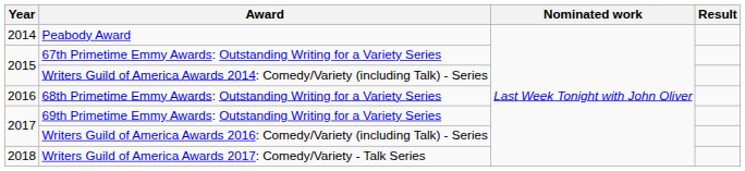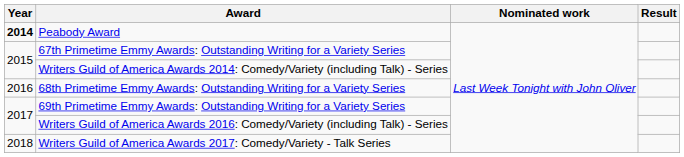 <table class="wikitable">
 <tr>
 <th>Year</th>
 <th>Award</th>
 <th>Nominated work</th>
 <th>Result</th>
 </tr>
 <tr>
-<td>2014</td>
+<td><strong>2014</strong></td>
 <td><a href='#'>Peabody Award</a></td>
 <td rowspan="7"><em><a href='#'>Last Week Tonight with John Oliver</a></em></td>
 <td></td>
 </tr>
 <tr>
 <td rowspan="2">2015</td>
 <td><a href='#'>67th Primetime Emmy Awards</a>: <a href='#'>Outstanding Writing for a Variety Series</a></td>
 <td></td>
 </tr>
 <tr>
 <td><a href='#'>Writers Guild of America Awards 2014</a>: Comedy/Variety (including Talk) - Series</td>
 <td></td>
 </tr>
 <tr>
 <td>2016</td>
 <td><a href='#'>68th Primetime Emmy Awards</a>: <a href='#'>Outstanding Writing for a Variety Series</a></td>
 <td></td>
 </tr>
 <tr>
 <td rowspan="2">2017</td>
 <td><a href='#'>69th Primetime Emmy Awards</a>: <a href='#'>Outstanding Writing for a Variety Series</a></td>
 <td></td>
 </tr>
 <tr>
 <td><a href='#'>Writers Guild of America Awards 2016</a>: Comedy/Variety (including Talk) - Series</td>
 <td></td>
 </tr>
 <tr>
 <td>2018</td>
 <td><a href='#'>Writers Guild of America Awards 2017</a>: Comedy/Variety - Talk Series</td>
 <td></td>
 </tr>
 </table>
